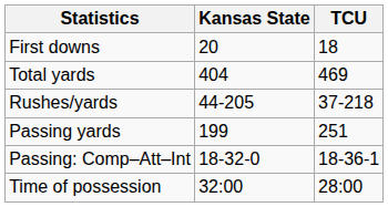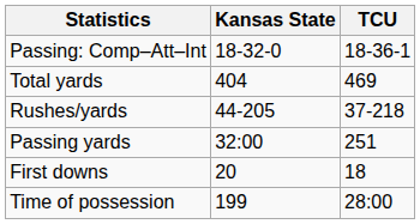 <table class="wikitable" style="float: left;">
 <tr>
 <th>Statistics</th>
 <th>Kansas State</th>
 <th>TCU</th>
 </tr>
 <tr>
-<td>First downs</td>
-<td>20</td>
-<td>18</td>
+<td>Passing: Comp–Att–Int</td>
+<td>18-32-0</td>
+<td>18-36-1</td>
 </tr>
 <tr>
 <td>Total yards</td>
 <td>404</td>
 <td>469</td>
 </tr>
 <tr>
 <td>Rushes/yards</td>
 <td>44-205</td>
 <td>37-218</td>
 </tr>
 <tr>
 <td>Passing yards</td>
-<td>199</td>
+<td>32:00</td>
 <td>251</td>
 </tr>
 <tr>
-<td>Passing: Comp–Att–Int</td>
-<td>18-32-0</td>
-<td>18-36-1</td>
+<td>First downs</td>
+<td>20</td>
+<td>18</td>
 </tr>
 <tr>
 <td>Time of possession</td>
-<td>32:00</td>
+<td>199</td>
 <td>28:00</td>
 </tr>
 <tr>
 </tr>
 </table>
